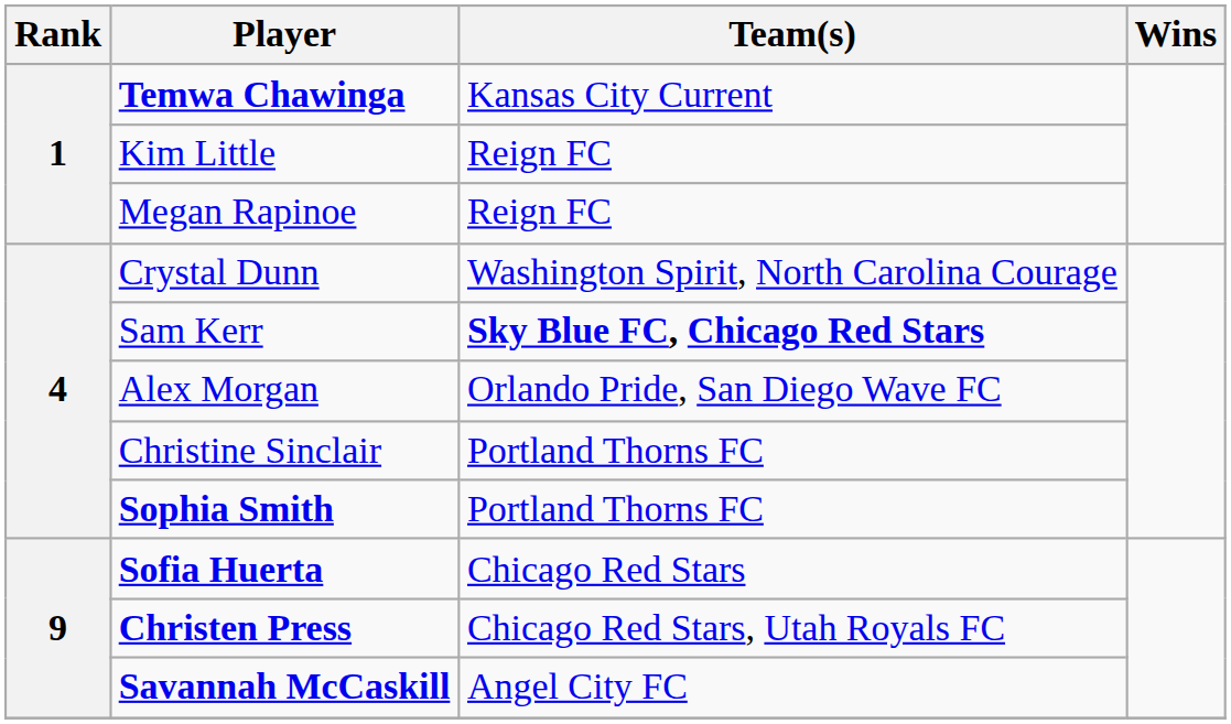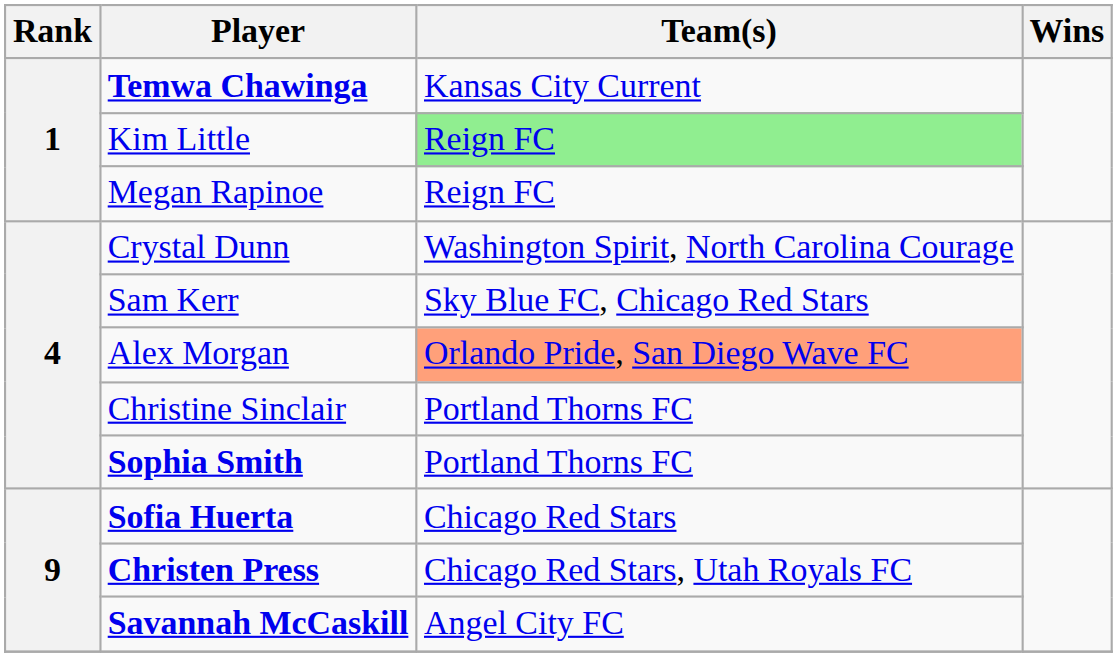 <table class="wikitable">
 <tr>
 <th scope="col">Rank</th>
 <th scope="col">Player</th>
 <th scope="col">Team(s)</th>
 <th scope="col">Wins</th>
 </tr>
 <tr>
 <th rowspan=3 scope="row">1</th>
 <td><strong><a href='#'>Temwa Chawinga</a></strong></td>
 <td><a href='#'>Kansas City Current</a></td>
 <td rowspan=3></td>
 </tr>
 <tr>
 <td><a href='#'>Kim Little</a></td>
-<td><a href='#'>Reign FC</a></td>
+<td style="background: lightgreen;"><a href='#'>Reign FC</a></td>
 </tr>
 <tr>
 <td><a href='#'>Megan Rapinoe</a></td>
 <td><a href='#'>Reign FC</a></td>
 </tr>
 <tr>
 <th rowspan=5>4</th>
 <td><a href='#'>Crystal Dunn</a></td>
 <td><a href='#'>Washington Spirit</a>, <a href='#'>North Carolina Courage</a></td>
 <td rowspan=5></td>
 </tr>
 <tr>
 <td><a href='#'>Sam Kerr</a></td>
-<td><strong><a href='#'>Sky Blue FC</a>, <a href='#'>Chicago Red Stars</a></strong></td>
+<td><a href='#'>Sky Blue FC</a>, <a href='#'>Chicago Red Stars</a></td>
 </tr>
 <tr>
 <td><a href='#'>Alex Morgan</a></td>
-<td><a href='#'>Orlando Pride</a>, <a href='#'>San Diego Wave FC</a></td>
+<td style="background: lightsalmon;"><a href='#'>Orlando Pride</a>, <a href='#'>San Diego Wave FC</a></td>
 </tr>
 <tr>
 <td><a href='#'>Christine Sinclair</a></td>
 <td><a href='#'>Portland Thorns FC</a></td>
 </tr>
 <tr>
 <td><strong><a href='#'>Sophia Smith</a></strong></td>
 <td><a href='#'>Portland Thorns FC</a></td>
 </tr>
 <tr>
 <th rowspan="3" scope="row">9</th>
 <td><strong><a href='#'>Sofia Huerta</a></strong></td>
 <td><a href='#'>Chicago Red Stars</a></td>
 <td rowspan="3"></td>
 </tr>
 <tr>
 <td><strong><a href='#'>Christen Press</a></strong></td>
 <td><a href='#'>Chicago Red Stars</a>, <a href='#'>Utah Royals FC</a></td>
 </tr>
 <tr>
 <td><strong><a href='#'>Savannah McCaskill</a></strong></td>
 <td><a href='#'>Angel City FC</a></td>
 </tr>
 <tr>
 </tr>
 </table>
